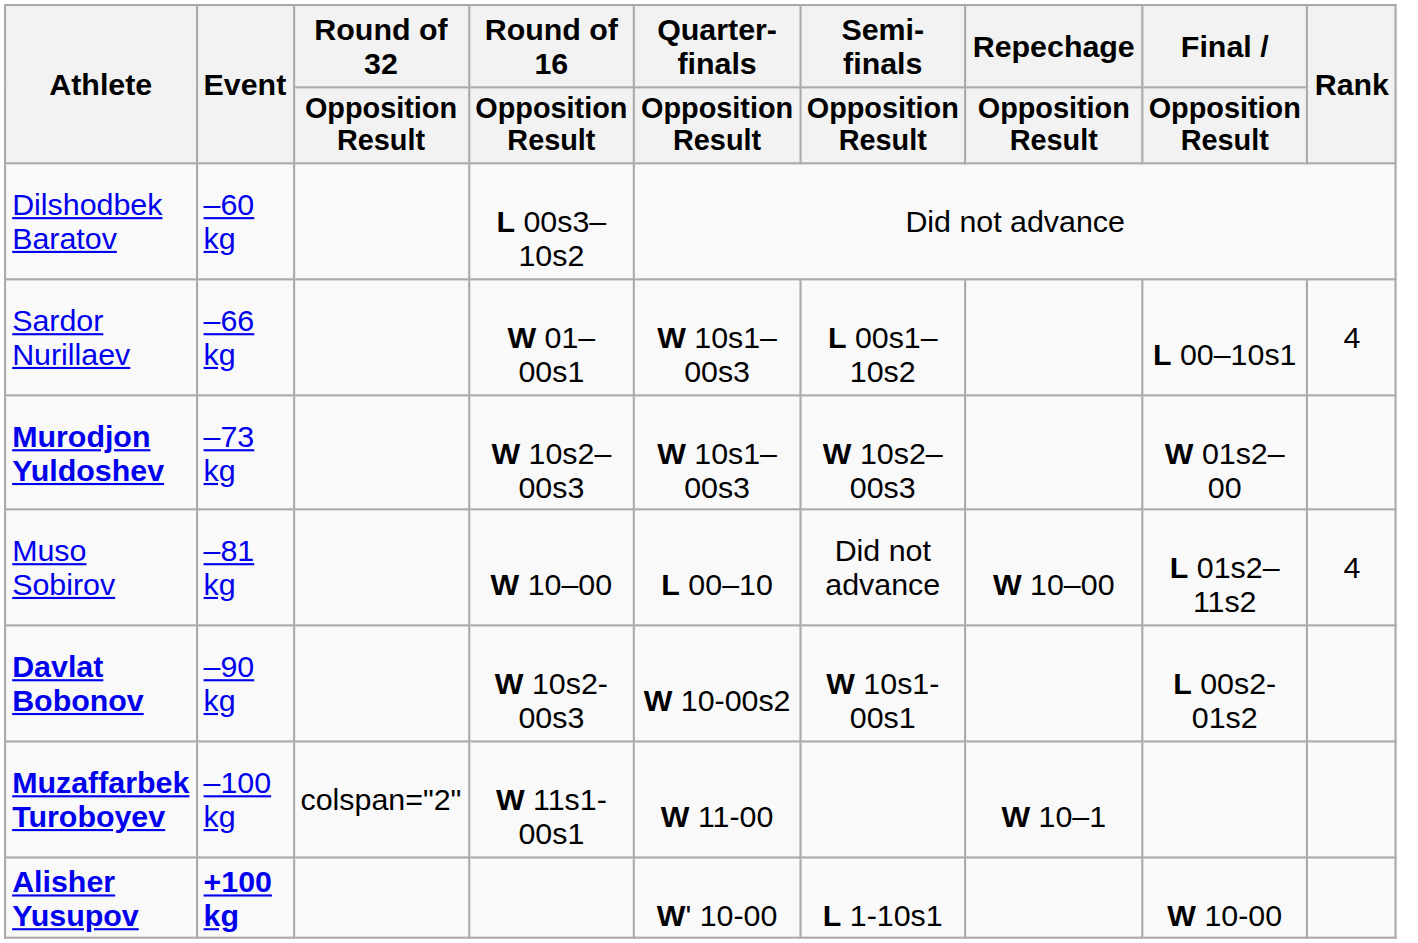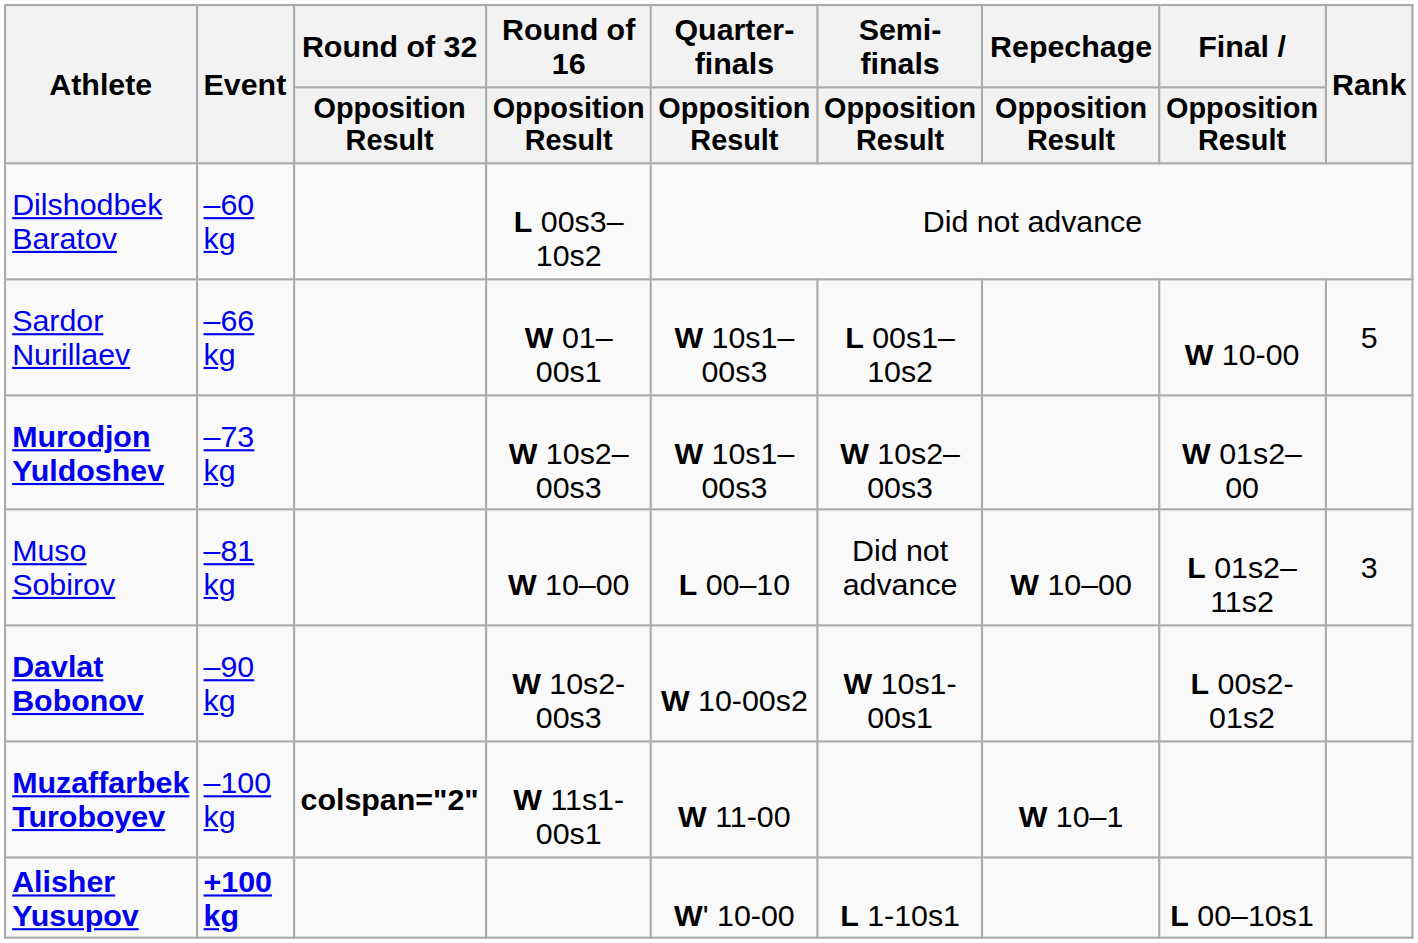 <table class=wikitable style=font-size:90%;text-align:center>
 <tr>
 <th rowspan="2">Athlete</th>
 <th rowspan="2">Event</th>
 <th>Round of 32</th>
 <th>Round of 16</th>
 <th>Quarter-finals</th>
 <th>Semi-finals</th>
 <th>Repechage</th>
 <th>Final / </th>
 <th rowspan=2>Rank</th>
 </tr>
 <tr style="font-size:95%">
 <th>Opposition<br>Result</th>
 <th>Opposition<br>Result</th>
 <th>Opposition<br>Result</th>
 <th>Opposition<br>Result</th>
 <th>Opposition<br>Result</th>
 <th>Opposition<br>Result</th>
 </tr>
 <tr>
 <td align=left><a href='#'>Dilshodbek Baratov</a></td>
 <td align=left><a href='#'>–60 kg</a></td>
 <td></td>
 <td><br><strong>L</strong> 00s3–10s2</td>
 <td colspan=5>Did not advance</td>
 </tr>
 <tr>
 <td align=left><a href='#'>Sardor Nurillaev</a></td>
 <td align=left><a href='#'>–66 kg</a></td>
 <td></td>
 <td><br><strong>W</strong> 01–00s1</td>
 <td><br><strong>W</strong> 10s1–00s3</td>
 <td><br><strong>L</strong> 00s1–10s2</td>
 <td></td>
-<td><br><strong>L</strong> 00–10s1</td>
-<td>4</td>
+<td><br><strong>W</strong> 10-00</td>
+<td>5</td>
 </tr>
 <tr>
 <td align=left><strong><a href='#'>Murodjon Yuldoshev</a></strong></td>
 <td align=left><a href='#'>–73 kg</a></td>
 <td></td>
 <td><br><strong>W</strong> 10s2–00s3</td>
 <td><br><strong>W</strong> 10s1–00s3</td>
 <td><br><strong>W</strong> 10s2–00s3</td>
 <td></td>
 <td><br><strong>W</strong> 01s2–00</td>
 <td></td>
 </tr>
 <tr>
 <td align=left><a href='#'>Muso Sobirov</a></td>
 <td align=left><a href='#'>–81 kg</a></td>
 <td></td>
 <td><br><strong>W</strong> 10–00</td>
 <td><br><strong>L</strong> 00–10</td>
 <td>Did not advance</td>
 <td><br><strong>W</strong> 10–00</td>
 <td><br><strong>L</strong> 01s2–11s2</td>
-<td>4</td>
+<td>3</td>
 </tr>
 <tr>
 <td align=left><strong><a href='#'>Davlat Bobonov</a></strong></td>
 <td align=left><a href='#'>–90 kg</a></td>
 <td></td>
 <td><br><strong>W</strong> 10s2-00s3</td>
 <td><br><strong>W</strong> 10-00s2</td>
 <td><br><strong>W</strong> 10s1-00s1</td>
 <td></td>
 <td><br> <strong>L</strong> 00s2-01s2</td>
 <td></td>
 </tr>
 <tr>
 <td align=left><strong><a href='#'>Muzaffarbek Turoboyev</a></strong></td>
 <td align=left><a href='#'>–100 kg</a></td>
-<td>colspan="2" </td>
+<td><strong>colspan="2" </strong></td>
 <td><br><strong>W</strong> 11s1-00s1</td>
 <td><br><strong>W</strong> 11-00</td>
 <td></td>
 <td><br> <strong>W</strong> 10–1</td>
 <td></td>
 </tr>
 <tr>
 <td align=left><strong><a href='#'>Alisher Yusupov</a></strong></td>
 <td align=left><strong><a href='#'>+100 kg</a></strong></td>
 <td></td>
 <td></td>
 <td><br><strong>W</strong>' 10-00</td>
 <td><br><strong>L</strong> 1-10s1</td>
 <td></td>
-<td><br><strong>W</strong> 10-00</td>
+<td><br><strong>L</strong> 00–10s1</td>
 <td></td>
 </tr>
 </table>
